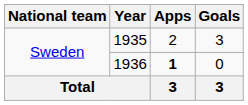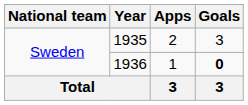 <table class=wikitable style=text-align:center>
 <tr>
 <th>National team</th>
 <th>Year</th>
 <th>Apps</th>
 <th>Goals</th>
 </tr>
 <tr>
 <td rowspan="2"><a href='#'>Sweden</a></td>
 <td>1935</td>
 <td>2</td>
 <td>3</td>
 </tr>
 <tr>
 <td>1936</td>
-<td><strong>1</strong></td>
-<td>0</td>
+<td>1</td>
+<td><strong>0</strong></td>
 </tr>
 <tr>
 <th colspan="2">Total</th>
 <th>3</th>
 <th>3</th>
 </tr>
 </table>
